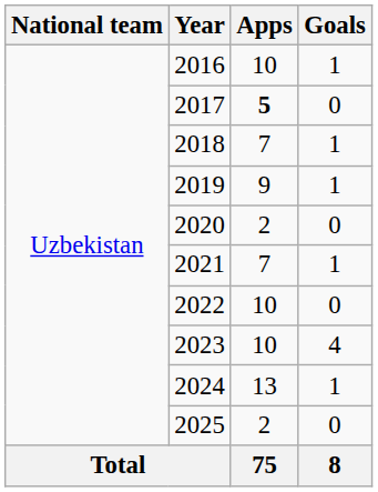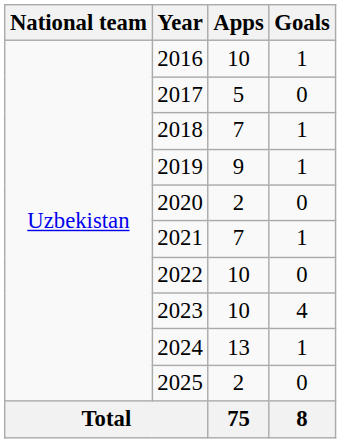 <table class="wikitable" style="text-align:center">
 <tr>
 <th>National team</th>
 <th>Year</th>
 <th>Apps</th>
 <th>Goals</th>
 </tr>
 <tr>
 <td rowspan="10"><a href='#'>Uzbekistan</a></td>
 <td>2016</td>
 <td>10</td>
 <td>1</td>
 </tr>
 <tr>
 <td>2017</td>
-<td><strong>5</strong></td>
+<td>5</td>
 <td>0</td>
 </tr>
 <tr>
 <td>2018</td>
 <td>7</td>
 <td>1</td>
 </tr>
 <tr>
 <td>2019</td>
 <td>9</td>
 <td>1</td>
 </tr>
 <tr>
 <td>2020</td>
 <td>2</td>
 <td>0</td>
 </tr>
 <tr>
 <td>2021</td>
 <td>7</td>
 <td>1</td>
 </tr>
 <tr>
 <td>2022</td>
 <td>10</td>
 <td>0</td>
 </tr>
 <tr>
 <td>2023</td>
 <td>10</td>
 <td>4</td>
 </tr>
 <tr>
 <td>2024</td>
 <td>13</td>
 <td>1</td>
 </tr>
 <tr>
 <td>2025</td>
 <td>2</td>
 <td>0</td>
 </tr>
 <tr>
 <th colspan="2">Total</th>
 <th>75</th>
 <th>8</th>
 </tr>
 </table>
